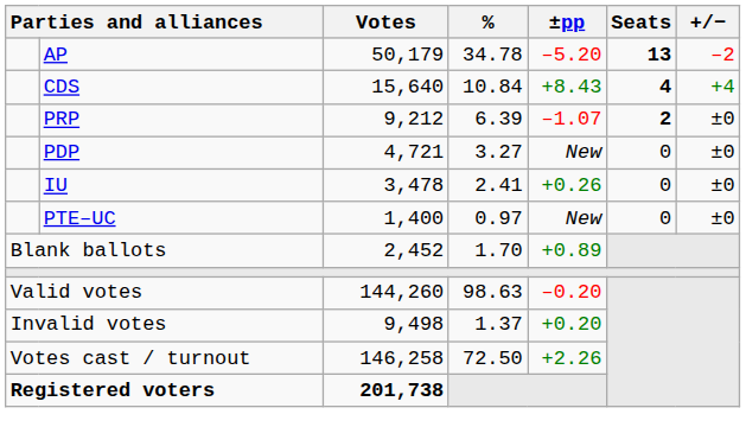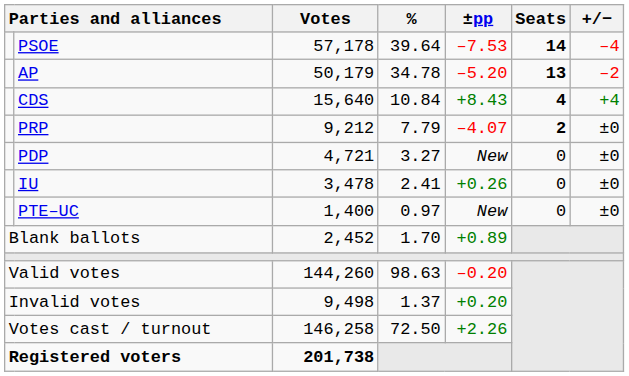 <table class="wikitable" style="text-align:right;">
 <tr>
 <th style="text-align:left;" colspan="2" width="200">Parties and alliances</th>
 <th width="75">Votes</th>
 <th width="45">%</th>
 <th width="45">±<a href='#'>pp</a></th>
 <th width="35">Seats</th>
 <th width="35">+/−</th>
+</tr>
+<tr>
+<td width="1" style="color:inherit;background:"></td>
+<td align="left"><a href='#'>PSOE</a></td>
+<td>57,178</td>
+<td>39.64</td>
+<td style="color:red;">–7.53</td>
+<td><strong>14</strong></td>
+<td style="color:red;">–4</td>
 </tr>
 <tr>
 <td style="color:inherit;background:"></td>
 <td align="left"><a href='#'>AP</a></td>
 <td>50,179</td>
 <td>34.78</td>
 <td style="color:red;">–5.20</td>
 <td><strong>13</strong></td>
 <td style="color:red;">–2</td>
 </tr>
 <tr>
 <td style="color:inherit;background:"></td>
 <td align="left"><a href='#'>CDS</a></td>
 <td>15,640</td>
 <td>10.84</td>
 <td style="color:green;">+8.43</td>
 <td><strong>4</strong></td>
 <td style="color:green;">+4</td>
 </tr>
 <tr>
 <td style="color:inherit;background:"></td>
 <td align="left"><a href='#'>PRP</a></td>
 <td>9,212</td>
-<td>6.39</td>
-<td style="color:red;">–1.07</td>
+<td>7.79</td>
+<td style="color:red;">–4.07</td>
 <td><strong>2</strong></td>
 <td>±0</td>
 </tr>
 <tr>
 <td style="color:inherit;background:"></td>
 <td align="left"><a href='#'>PDP</a></td>
 <td>4,721</td>
 <td>3.27</td>
 <td><em>New</em></td>
 <td>0</td>
 <td>±0</td>
 </tr>
 <tr>
 <td style="color:inherit;background:"></td>
 <td align="left"><a href='#'>IU</a></td>
 <td>3,478</td>
 <td>2.41</td>
 <td style="color:green;">+0.26</td>
 <td>0</td>
 <td>±0</td>
 </tr>
 <tr>
 <td style="color:inherit;background:"></td>
 <td align="left"><a href='#'>PTE–UC</a></td>
 <td>1,400</td>
 <td>0.97</td>
 <td><em>New</em></td>
 <td>0</td>
 <td>±0</td>
 </tr>
 <tr>
 <td align="left" colspan="2">Blank ballots</td>
 <td>2,452</td>
 <td>1.70</td>
 <td style="color:green;">+0.89</td>
 <td bgcolor="#E9E9E9" colspan="2"></td>
 </tr>
 <tr>
 <td colspan="7" bgcolor="#E9E9E9"></td>
 </tr>
 <tr>
 <td align="left" colspan="2">Valid votes</td>
 <td>144,260</td>
 <td>98.63</td>
 <td style="color:red;">–0.20</td>
 <td bgcolor="#E9E9E9" colspan="2" rowspan="4"></td>
 </tr>
 <tr>
 <td align="left" colspan="2">Invalid votes</td>
 <td>9,498</td>
 <td>1.37</td>
 <td style="color:green;">+0.20</td>
 </tr>
 <tr>
 <td align="left" colspan="2">Votes cast / turnout</td>
 <td>146,258</td>
 <td>72.50</td>
 <td style="color:green;">+2.26</td>
 </tr>
 <tr style="font-weight:bold;">
 <td align="left" colspan="2">Registered voters</td>
 <td>201,738</td>
 <td bgcolor="#E9E9E9" colspan="2"></td>
 </tr>
 </table>
